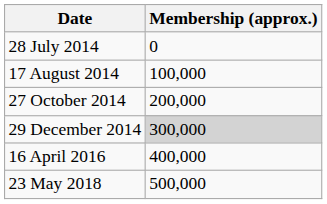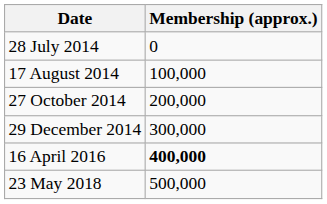 <table class="wikitable">
 <tr>
 <th>Date</th>
 <th>Membership (approx.)</th>
 </tr>
 <tr>
 <td>28 July 2014</td>
 <td>0</td>
 </tr>
 <tr>
 <td>17 August 2014</td>
 <td>100,000</td>
 </tr>
 <tr>
 <td>27 October 2014</td>
 <td>200,000</td>
 </tr>
 <tr>
 <td>29 December 2014</td>
-<td style="background: lightgrey;">300,000</td>
+<td>300,000</td>
 </tr>
 <tr>
 <td>16 April 2016</td>
-<td>400,000</td>
+<td><strong>400,000</strong></td>
 </tr>
 <tr>
 <td>23 May 2018</td>
 <td>500,000</td>
 </tr>
 </table>
